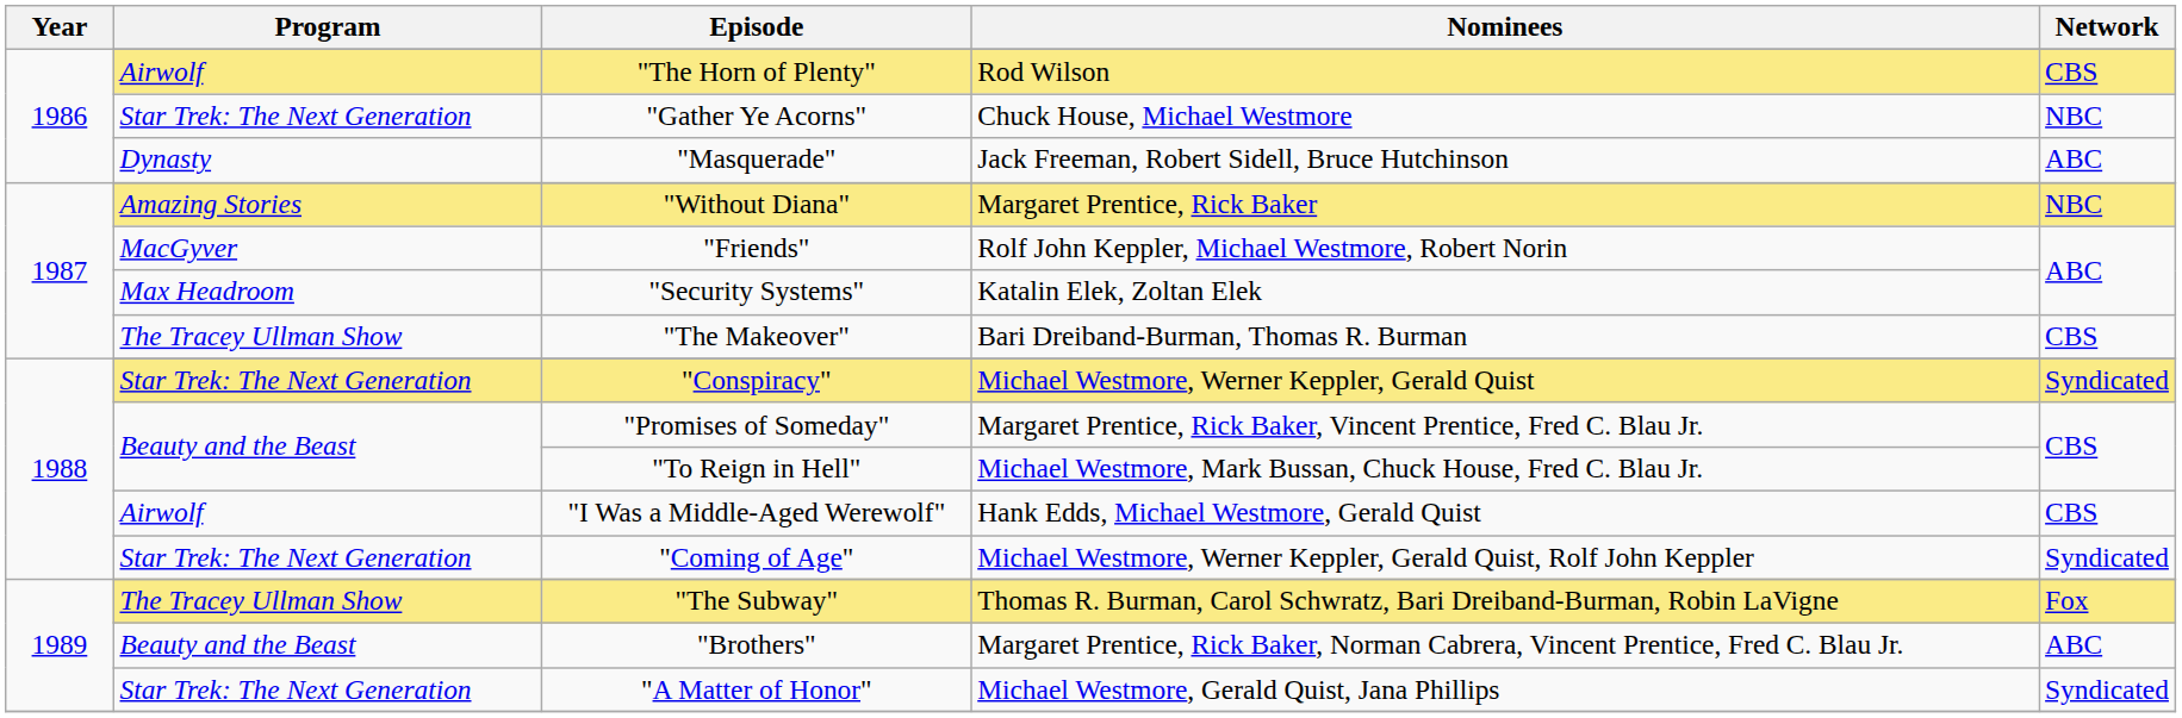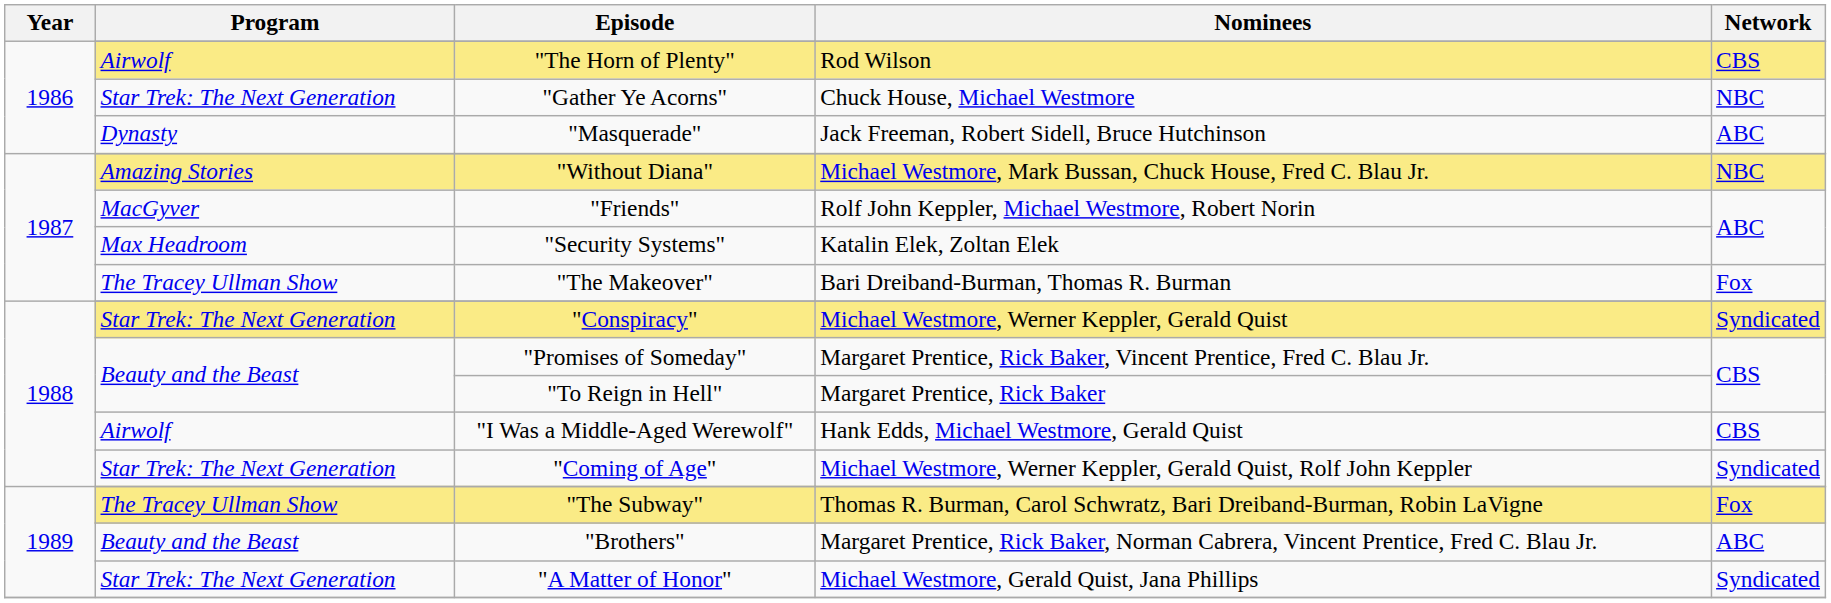 <table class="wikitable">
 <tr>
 <th width="5%">Year</th>
 <th width="20%">Program</th>
 <th width="20%">Episode</th>
 <th width="50%">Nominees</th>
 <th width="5%">Network</th>
 </tr>
 <tr>
 <td rowspan="4" style="text-align:center;"><a href='#'>1986</a><br></td>
 </tr>
 <tr style="background:#FAEB86;">
 <td><em><a href='#'>Airwolf</a></em></td>
 <td align=center>"The Horn of Plenty"</td>
 <td>Rod Wilson</td>
 <td><a href='#'>CBS</a></td>
 </tr>
 <tr>
 <td><em><a href='#'>Star Trek: The Next Generation</a></em></td>
 <td align=center>"Gather Ye Acorns"</td>
 <td>Chuck House, <a href='#'>Michael Westmore</a></td>
 <td><a href='#'>NBC</a></td>
 </tr>
 <tr>
 <td><em><a href='#'>Dynasty</a></em></td>
 <td align=center>"Masquerade"</td>
 <td>Jack Freeman, Robert Sidell, Bruce Hutchinson</td>
 <td><a href='#'>ABC</a></td>
 </tr>
 <tr>
 <td rowspan="5" style="text-align:center;"><a href='#'>1987</a><br></td>
 </tr>
 <tr style="background:#FAEB86;">
 <td><em><a href='#'>Amazing Stories</a></em></td>
 <td align=center>"Without Diana"</td>
-<td>Margaret Prentice, <a href='#'>Rick Baker</a></td>
+<td><a href='#'>Michael Westmore</a>, Mark Bussan, Chuck House, Fred C. Blau Jr.</td>
 <td><a href='#'>NBC</a></td>
 </tr>
 <tr>
 <td><em><a href='#'>MacGyver</a></em></td>
 <td align=center>"Friends"</td>
 <td>Rolf John Keppler, <a href='#'>Michael Westmore</a>, Robert Norin</td>
 <td rowspan=2><a href='#'>ABC</a></td>
 </tr>
 <tr>
 <td><em><a href='#'>Max Headroom</a></em></td>
 <td align=center>"Security Systems"</td>
 <td>Katalin Elek, Zoltan Elek</td>
 </tr>
 <tr>
 <td><em><a href='#'>The Tracey Ullman Show</a></em></td>
 <td align=center>"The Makeover"</td>
 <td>Bari Dreiband-Burman, Thomas R. Burman</td>
-<td><a href='#'>CBS</a></td>
+<td><a href='#'>Fox</a></td>
 </tr>
 <tr>
 <td rowspan="6" style="text-align:center;"><a href='#'>1988</a><br></td>
 </tr>
 <tr style="background:#FAEB86;">
 <td><em><a href='#'>Star Trek: The Next Generation</a></em></td>
 <td align=center>"<a href='#'>Conspiracy</a>"</td>
 <td><a href='#'>Michael Westmore</a>, Werner Keppler, Gerald Quist</td>
 <td><a href='#'>Syndicated</a></td>
 </tr>
 <tr>
 <td rowspan=2><em><a href='#'>Beauty and the Beast</a></em></td>
 <td align=center>"Promises of Someday"</td>
 <td>Margaret Prentice, <a href='#'>Rick Baker</a>, Vincent Prentice, Fred C. Blau Jr.</td>
 <td rowspan=2><a href='#'>CBS</a></td>
 </tr>
 <tr>
 <td align=center>"To Reign in Hell"</td>
-<td><a href='#'>Michael Westmore</a>, Mark Bussan, Chuck House, Fred C. Blau Jr.</td>
+<td>Margaret Prentice, <a href='#'>Rick Baker</a></td>
 </tr>
 <tr>
 <td><em><a href='#'>Airwolf</a></em></td>
 <td align=center>"I Was a Middle-Aged Werewolf"</td>
 <td>Hank Edds, <a href='#'>Michael Westmore</a>, Gerald Quist</td>
 <td><a href='#'>CBS</a></td>
 </tr>
 <tr>
 <td><em><a href='#'>Star Trek: The Next Generation</a></em></td>
 <td align=center>"<a href='#'>Coming of Age</a>"</td>
 <td><a href='#'>Michael Westmore</a>, Werner Keppler, Gerald Quist, Rolf John Keppler</td>
 <td><a href='#'>Syndicated</a></td>
 </tr>
 <tr>
 <td rowspan="4" style="text-align:center;"><a href='#'>1989</a><br></td>
 </tr>
 <tr style="background:#FAEB86;">
 <td><em><a href='#'>The Tracey Ullman Show</a></em></td>
 <td align=center>"The Subway"</td>
 <td>Thomas R. Burman, Carol Schwratz, Bari Dreiband-Burman, Robin LaVigne</td>
 <td><a href='#'>Fox</a></td>
 </tr>
 <tr>
 <td><em><a href='#'>Beauty and the Beast</a></em></td>
 <td align=center>"Brothers"</td>
 <td>Margaret Prentice, <a href='#'>Rick Baker</a>, Norman Cabrera, Vincent Prentice, Fred C. Blau Jr.</td>
 <td><a href='#'>ABC</a></td>
 </tr>
 <tr>
 <td><em><a href='#'>Star Trek: The Next Generation</a></em></td>
 <td align=center>"<a href='#'>A Matter of Honor</a>"</td>
 <td><a href='#'>Michael Westmore</a>, Gerald Quist, Jana Phillips</td>
 <td><a href='#'>Syndicated</a></td>
 </tr>
 <tr>
 </tr>
 </table>
